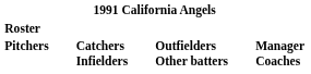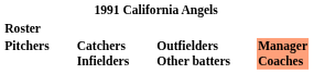 <table class="toccolours" style="font-size: 95%;">
 <tr>
 <th colspan="10">1991 California Angels</th>
 </tr>
 <tr>
 <td colspan="10"><strong>Roster</strong></td>
 </tr>
 <tr>
 <td valign="top"><strong>Pitchers</strong><br>                </td>
 <td width="25px"></td>
 <td valign="top"><strong>Catchers</strong><br>   <strong>Infielders</strong>             </td>
 <td width="25px"></td>
 <td valign="top"><strong>Outfielders</strong><br>        <strong>Other batters</strong> </td>
 <td width="25px"></td>
-<td valign="top"><strong>Manager</strong><br>  <strong>Coaches</strong>     </td>
+<td valign="top" style="background: lightsalmon;"><strong>Manager</strong><br>  <strong>Coaches</strong>     </td>
 </tr>
 </table>
